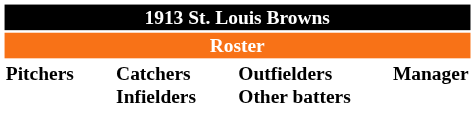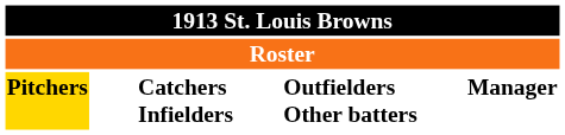 <table class="toccolours" style="font-size: 95%;">
 <tr>
 <th colspan="10" style="background-color: black; color: white; text-align: center;">1913 St. Louis Browns</th>
 </tr>
 <tr>
 <td colspan="10" style="background-color: #F87217; color: white; text-align: center;"><strong>Roster</strong></td>
 </tr>
 <tr>
-<td valign="top"><strong>Pitchers</strong><br>            </td>
+<td valign="top" style="background: gold;"><strong>Pitchers</strong><br>            </td>
 <td width="25px"></td>
 <td valign="top"><strong>Catchers</strong><br>    <strong>Infielders</strong>             </td>
 <td width="25px"></td>
 <td valign="top"><strong>Outfielders</strong><br>         <strong>Other batters</strong>  </td>
 <td width="25px"></td>
 <td valign="top"><strong>Manager</strong><br>  </td>
 </tr>
 <tr>
 </tr>
 </table>
